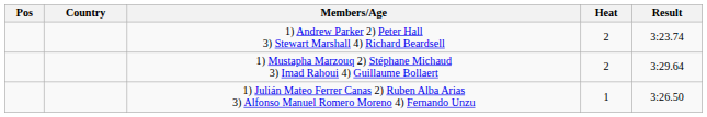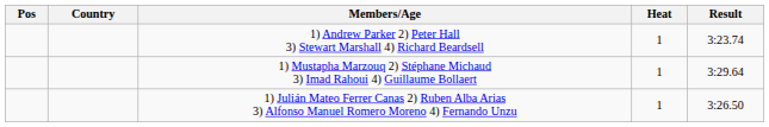 <table class="wikitable"  style="text-align:center; width:80%;">
 <tr>
 <th>Pos</th>
 <th>Country</th>
 <th>Members/Age</th>
 <th>Heat</th>
 <th>Result</th>
 </tr>
 <tr>
 <td align=center></td>
 <td align=left></td>
 <td>1) <a href='#'>Andrew Parker</a> 2) <a href='#'>Peter Hall</a><br>3) <a href='#'>Stewart Marshall</a> 4) <a href='#'>Richard Beardsell</a></td>
-<td>2</td>
+<td>1</td>
 <td>3:23.74</td>
 </tr>
 <tr>
 <td align=center></td>
 <td align=left></td>
 <td>1) <a href='#'>Mustapha Marzouq</a> 2) <a href='#'>Stéphane Michaud</a><br>3) <a href='#'>Imad Rahoui</a> 4) <a href='#'>Guillaume Bollaert</a></td>
-<td>2</td>
+<td>1</td>
 <td>3:29.64</td>
 </tr>
 <tr>
 <td align=center></td>
 <td align=left></td>
 <td>1) <a href='#'>Julián Mateo Ferrer Canas</a> 2) <a href='#'>Ruben Alba Arias</a><br>3) <a href='#'>Alfonso Manuel Romero Moreno</a> 4) <a href='#'>Fernando Unzu</a></td>
 <td>1</td>
 <td>3:26.50</td>
 </tr>
 </table>
